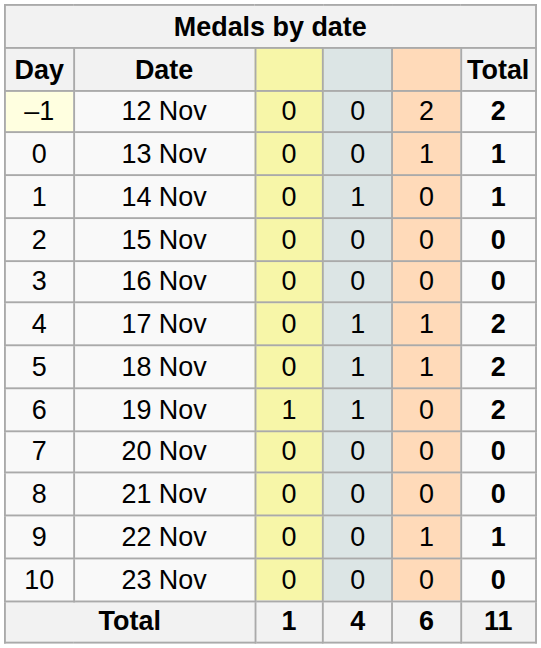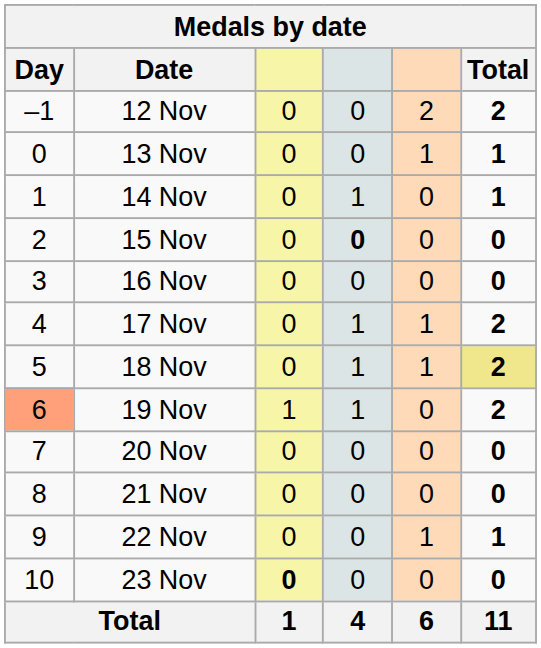 <table class="wikitable" style="font-size:90%; text-align:center;">
 <tr style="background:#efefef;">
 <th colspan=6><strong>Medals by date</strong></th>
 </tr>
 <tr>
 <th width=30><strong>Day</strong></th>
 <th width=90><strong>Date</strong></th>
 <th width=30 style="background:#F7F6A8;"></th>
 <th width=30 style="background:#DCE5E5;"></th>
 <th width=30 style="background:#FFDAB9;"></th>
 <th width=30><strong>Total</strong></th>
 </tr>
 <tr>
-<td style="background: lightyellow;">–1</td>
+<td>–1</td>
 <td>12 Nov</td>
 <td style="background:#F7F6A8;">0</td>
 <td style="background:#DCE5E5;">0</td>
 <td style="background:#FFDAB9;">2</td>
 <td><strong>2</strong></td>
 </tr>
 <tr>
 <td>0</td>
 <td>13 Nov</td>
 <td style="background:#F7F6A8;">0</td>
 <td style="background:#DCE5E5;">0</td>
 <td style="background:#FFDAB9;">1</td>
 <td><strong>1</strong></td>
 </tr>
 <tr>
 <td>1</td>
 <td>14 Nov</td>
 <td style="background:#F7F6A8;">0</td>
 <td style="background:#DCE5E5;">1</td>
 <td style="background:#FFDAB9;">0</td>
 <td><strong>1</strong></td>
 </tr>
 <tr>
 <td>2</td>
 <td>15 Nov</td>
 <td style="background:#F7F6A8;">0</td>
-<td style="background:#DCE5E5;">0</td>
+<td style="background:#DCE5E5;"><strong>0</strong></td>
 <td style="background:#FFDAB9;">0</td>
 <td><strong>0</strong></td>
 </tr>
 <tr>
 <td>3</td>
 <td>16 Nov</td>
 <td style="background:#F7F6A8;">0</td>
 <td style="background:#DCE5E5;">0</td>
 <td style="background:#FFDAB9;">0</td>
 <td><strong>0</strong></td>
 </tr>
 <tr>
 <td>4</td>
 <td>17 Nov</td>
 <td style="background:#F7F6A8;">0</td>
 <td style="background:#DCE5E5;">1</td>
 <td style="background:#FFDAB9;">1</td>
 <td><strong>2</strong></td>
 </tr>
 <tr>
 <td>5</td>
 <td>18 Nov</td>
 <td style="background:#F7F6A8;">0</td>
 <td style="background:#DCE5E5;">1</td>
 <td style="background:#FFDAB9;">1</td>
-<td><strong>2</strong></td>
+<td style="background: khaki;"><strong>2</strong></td>
 </tr>
 <tr>
-<td>6</td>
+<td style="background: lightsalmon;">6</td>
 <td>19 Nov</td>
 <td style="background:#F7F6A8;">1</td>
 <td style="background:#DCE5E5;">1</td>
 <td style="background:#FFDAB9;">0</td>
 <td><strong>2</strong></td>
 </tr>
 <tr>
 <td>7</td>
 <td>20 Nov</td>
 <td style="background:#F7F6A8;">0</td>
 <td style="background:#DCE5E5;">0</td>
 <td style="background:#FFDAB9;">0</td>
 <td><strong>0</strong></td>
 </tr>
 <tr>
 <td>8</td>
 <td>21 Nov</td>
 <td style="background:#F7F6A8;">0</td>
 <td style="background:#DCE5E5;">0</td>
 <td style="background:#FFDAB9;">0</td>
 <td><strong>0</strong></td>
 </tr>
 <tr>
 <td>9</td>
 <td>22 Nov</td>
 <td style="background:#F7F6A8;">0</td>
 <td style="background:#DCE5E5;">0</td>
 <td style="background:#FFDAB9;">1</td>
 <td><strong>1</strong></td>
 </tr>
 <tr>
 <td>10</td>
 <td>23 Nov</td>
-<td style="background:#F7F6A8;">0</td>
+<td style="background:#F7F6A8;"><strong>0</strong></td>
 <td style="background:#DCE5E5;">0</td>
 <td style="background:#FFDAB9;">0</td>
 <td><strong>0</strong></td>
 </tr>
 <tr>
 <th colspan="2"><strong>Total</strong></th>
 <th><strong>1</strong></th>
 <th><strong>4</strong></th>
 <th><strong>6</strong></th>
 <th><strong>11</strong></th>
 </tr>
 </table>
